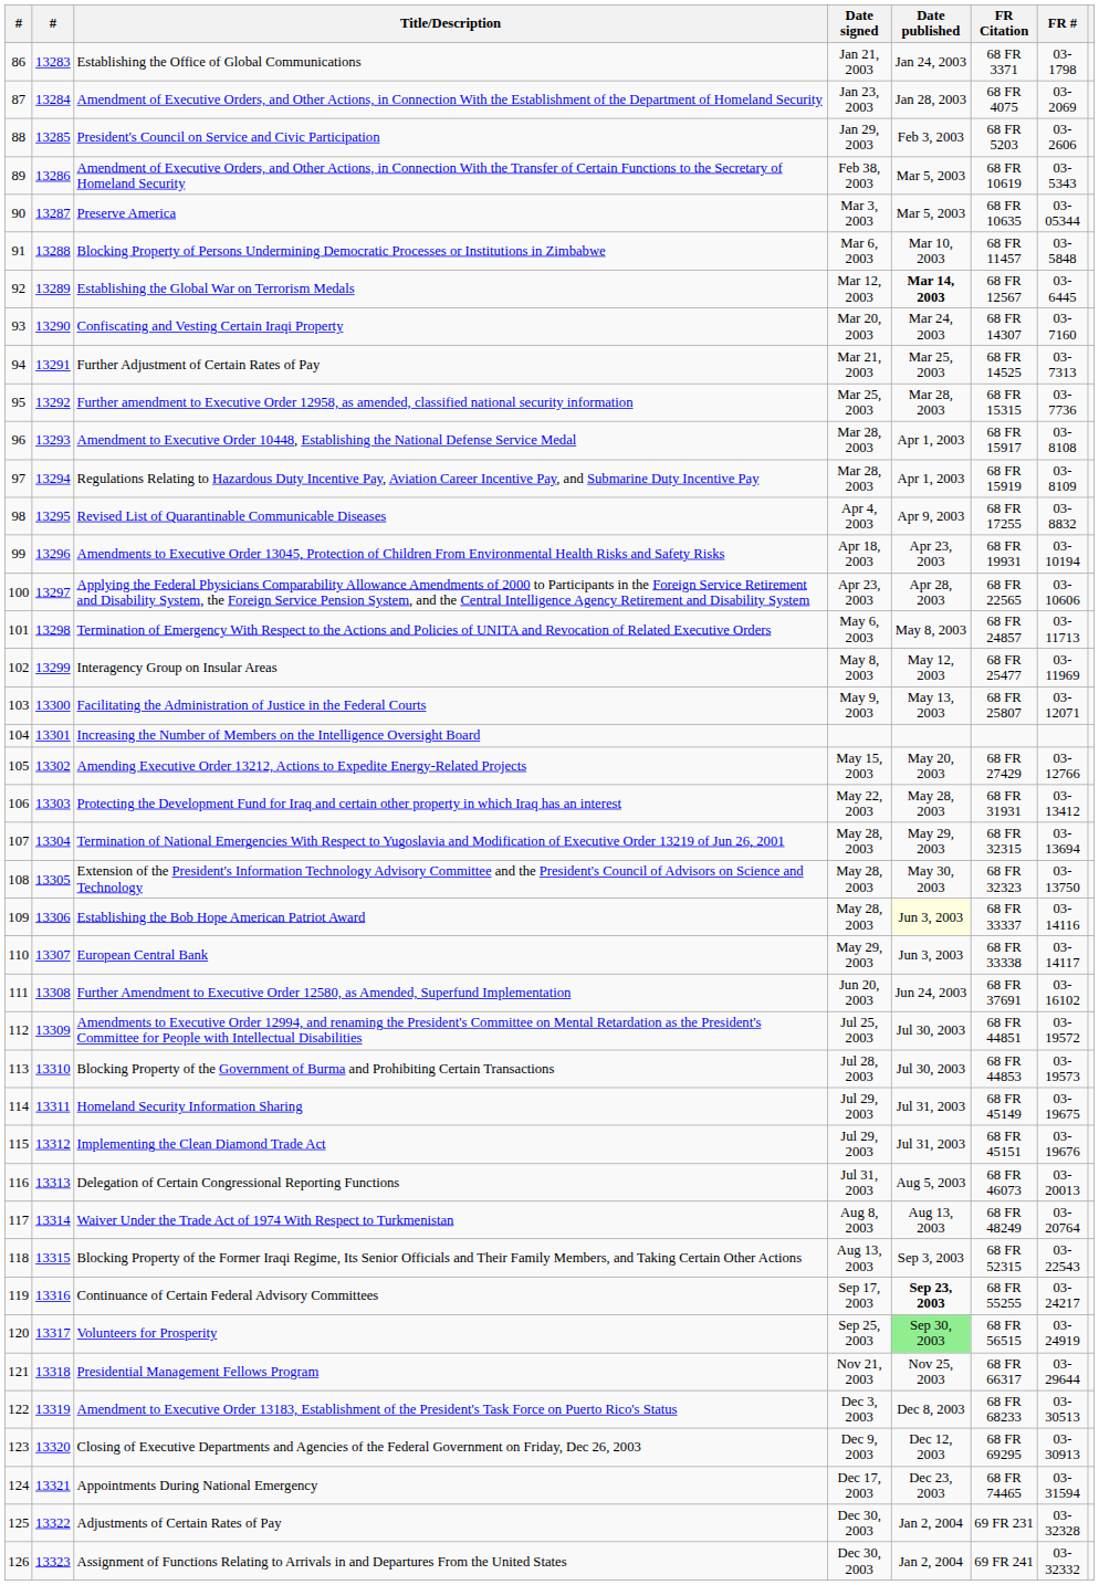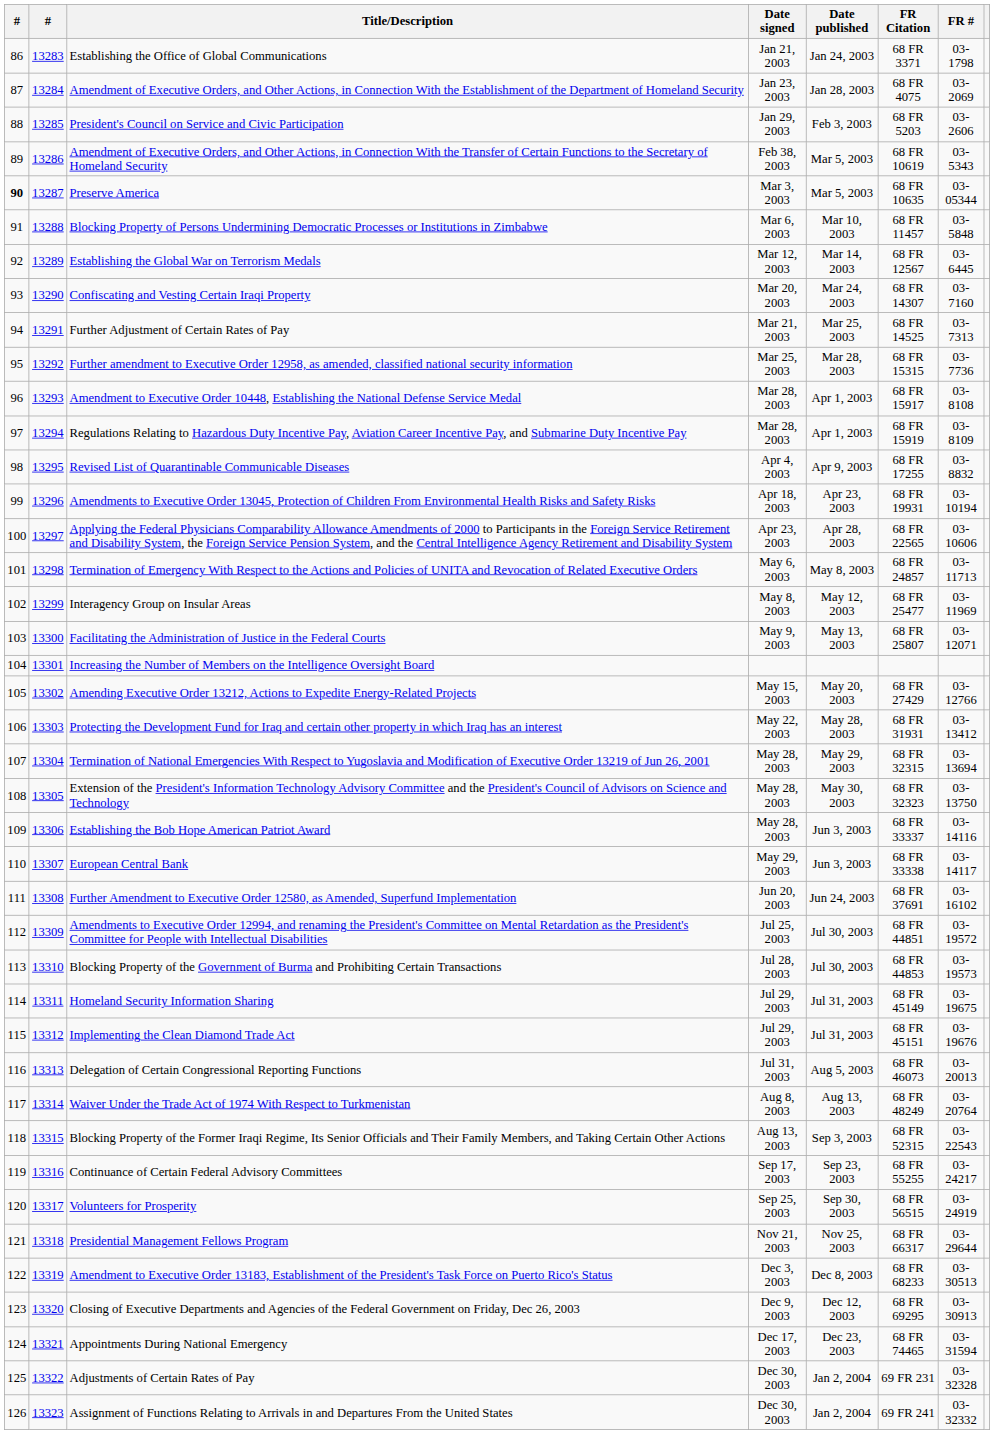 <table class="wikitable sortable" style="text-align:center;">
 <tr>
 <th> #</th>
 <th> #</th>
 <th>Title/Description</th>
 <th>Date signed</th>
 <th>Date published</th>
 <th>FR Citation</th>
 <th>FR  #</th>
 <th class="unsortable"></th>
 </tr>
 <tr>
 <td>86</td>
 <td><a href='#'>13283</a></td>
 <td style="text-align:left;">Establishing the Office of Global Communications</td>
 <td>Jan 21, 2003</td>
 <td>Jan 24, 2003</td>
 <td>68 FR 3371</td>
 <td>03-1798</td>
 <td></td>
 </tr>
 <tr>
 <td>87</td>
 <td><a href='#'>13284</a></td>
 <td style="text-align:left;"><a href='#'>Amendment of Executive Orders, and Other Actions, in Connection With the Establishment of the Department of Homeland Security</a></td>
 <td>Jan 23, 2003</td>
 <td>Jan 28, 2003</td>
 <td>68 FR 4075</td>
 <td>03-2069</td>
 <td></td>
 </tr>
 <tr>
 <td>88</td>
 <td><a href='#'>13285</a></td>
 <td style="text-align:left;"><a href='#'>President's Council on Service and Civic Participation</a></td>
 <td>Jan 29, 2003</td>
 <td>Feb 3, 2003</td>
 <td>68 FR 5203</td>
 <td>03-2606</td>
 <td></td>
 </tr>
 <tr>
 <td>89</td>
 <td><a href='#'>13286</a></td>
 <td style="text-align:left;"><a href='#'>Amendment of Executive Orders, and Other Actions, in Connection With the Transfer of Certain Functions to the Secretary of Homeland Security</a></td>
 <td>Feb 38, 2003</td>
 <td>Mar 5, 2003</td>
 <td>68 FR 10619</td>
 <td>03-5343</td>
 <td></td>
 </tr>
 <tr>
-<td>90</td>
+<td><strong>90</strong></td>
 <td><a href='#'>13287</a></td>
 <td style="text-align:left;"><a href='#'>Preserve America</a></td>
 <td>Mar 3, 2003</td>
 <td>Mar 5, 2003</td>
 <td>68 FR 10635</td>
 <td>03-05344</td>
 <td></td>
 </tr>
 <tr>
 <td>91</td>
 <td><a href='#'>13288</a></td>
 <td style="text-align:left;"><a href='#'>Blocking Property of Persons Undermining Democratic Processes or Institutions in Zimbabwe</a></td>
 <td>Mar 6, 2003</td>
 <td>Mar 10, 2003</td>
 <td>68 FR 11457</td>
 <td>03-5848</td>
 <td></td>
 </tr>
 <tr>
 <td>92</td>
 <td><a href='#'>13289</a></td>
 <td style="text-align:left;"><a href='#'>Establishing the Global War on Terrorism Medals</a></td>
 <td>Mar 12, 2003</td>
-<td><strong>Mar 14, 2003</strong></td>
+<td>Mar 14, 2003</td>
 <td>68 FR 12567</td>
 <td>03-6445</td>
 <td></td>
 </tr>
 <tr>
 <td>93</td>
 <td><a href='#'>13290</a></td>
 <td style="text-align:left;"><a href='#'>Confiscating and Vesting Certain Iraqi Property</a></td>
 <td>Mar 20, 2003</td>
 <td>Mar 24, 2003</td>
 <td>68 FR 14307</td>
 <td>03-7160</td>
 <td></td>
 </tr>
 <tr>
 <td>94</td>
 <td><a href='#'>13291</a></td>
 <td style="text-align:left;">Further Adjustment of Certain Rates of Pay</td>
 <td>Mar 21, 2003</td>
 <td>Mar 25, 2003</td>
 <td>68 FR 14525</td>
 <td>03-7313</td>
 <td></td>
 </tr>
 <tr>
 <td>95</td>
 <td><a href='#'>13292</a></td>
 <td style="text-align:left;"><a href='#'>Further amendment to Executive Order 12958, as amended, classified national security information</a></td>
 <td>Mar 25, 2003</td>
 <td>Mar 28, 2003</td>
 <td>68 FR 15315</td>
 <td>03-7736</td>
 <td></td>
 </tr>
 <tr>
 <td>96</td>
 <td><a href='#'>13293</a></td>
 <td style="text-align:left;"><a href='#'>Amendment to Executive Order 10448</a>, <a href='#'>Establishing the National Defense Service Medal</a></td>
 <td>Mar 28, 2003</td>
 <td>Apr 1, 2003</td>
 <td>68 FR 15917</td>
 <td>03-8108</td>
 <td></td>
 </tr>
 <tr>
 <td>97</td>
 <td><a href='#'>13294</a></td>
 <td style="text-align:left;">Regulations Relating to <a href='#'>Hazardous Duty Incentive Pay</a>, <a href='#'>Aviation Career Incentive Pay</a>, and <a href='#'>Submarine Duty Incentive Pay</a></td>
 <td>Mar 28, 2003</td>
 <td>Apr 1, 2003</td>
 <td>68 FR 15919</td>
 <td>03-8109</td>
 <td></td>
 </tr>
 <tr>
 <td>98</td>
 <td><a href='#'>13295</a></td>
 <td style="text-align:left;"><a href='#'>Revised List of Quarantinable Communicable Diseases</a></td>
 <td>Apr 4, 2003</td>
 <td>Apr 9, 2003</td>
 <td>68 FR 17255</td>
 <td>03-8832</td>
 <td></td>
 </tr>
 <tr>
 <td>99</td>
 <td><a href='#'>13296</a></td>
 <td style="text-align:left;"><a href='#'>Amendments to Executive Order 13045, Protection of Children From Environmental Health Risks and Safety Risks</a></td>
 <td>Apr 18, 2003</td>
 <td>Apr 23, 2003</td>
 <td>68 FR 19931</td>
 <td>03-10194</td>
 <td></td>
 </tr>
 <tr>
 <td>100</td>
 <td><a href='#'>13297</a></td>
 <td style="text-align:left;"><a href='#'>Applying the Federal Physicians Comparability Allowance Amendments of 2000</a> to Participants in the <a href='#'>Foreign Service Retirement and Disability System</a>, the <a href='#'>Foreign Service Pension System</a>, and the <a href='#'>Central Intelligence Agency Retirement and Disability System</a></td>
 <td>Apr 23, 2003</td>
 <td>Apr 28, 2003</td>
 <td>68 FR 22565</td>
 <td>03-10606</td>
 <td></td>
 </tr>
 <tr>
 <td>101</td>
 <td><a href='#'>13298</a></td>
 <td style="text-align:left;"><a href='#'>Termination of Emergency With Respect to the Actions and Policies of UNITA and Revocation of Related Executive Orders</a></td>
 <td>May 6, 2003</td>
 <td>May 8, 2003</td>
 <td>68 FR 24857</td>
 <td>03-11713</td>
 <td></td>
 </tr>
 <tr>
 <td>102</td>
 <td><a href='#'>13299</a></td>
 <td style="text-align:left;">Interagency Group on Insular Areas</td>
 <td>May 8, 2003</td>
 <td>May 12, 2003</td>
 <td>68 FR 25477</td>
 <td>03-11969</td>
 <td></td>
 </tr>
 <tr>
 <td>103</td>
 <td><a href='#'>13300</a></td>
 <td style="text-align:left;"><a href='#'>Facilitating the Administration of Justice in the Federal Courts</a></td>
 <td>May 9, 2003</td>
 <td>May 13, 2003</td>
 <td>68 FR 25807</td>
 <td>03-12071</td>
 <td></td>
 </tr>
 <tr>
 <td>104</td>
 <td><a href='#'>13301</a></td>
 <td style="text-align:left;"><a href='#'>Increasing the Number of Members on the Intelligence Oversight Board</a></td>
 <td></td>
 <td></td>
 <td></td>
 <td></td>
 <td></td>
 </tr>
 <tr>
 <td>105</td>
 <td><a href='#'>13302</a></td>
 <td style="text-align:left;"><a href='#'>Amending Executive Order 13212, Actions to Expedite Energy-Related Projects</a></td>
 <td>May 15, 2003</td>
 <td>May 20, 2003</td>
 <td>68 FR 27429</td>
 <td>03-12766</td>
 <td></td>
 </tr>
 <tr>
 <td>106</td>
 <td><a href='#'>13303</a></td>
 <td style="text-align:left;"><a href='#'>Protecting the Development Fund for Iraq and certain other property in which Iraq has an interest</a></td>
 <td>May 22, 2003</td>
 <td>May 28, 2003</td>
 <td>68 FR 31931</td>
 <td>03-13412</td>
 <td></td>
 </tr>
 <tr>
 <td>107</td>
 <td><a href='#'>13304</a></td>
 <td style="text-align:left;"><a href='#'>Termination of National Emergencies With Respect to Yugoslavia and Modification of Executive Order 13219 of Jun 26, 2001</a></td>
 <td>May 28, 2003</td>
 <td>May 29, 2003</td>
 <td>68 FR 32315</td>
 <td>03-13694</td>
 <td></td>
 </tr>
 <tr>
 <td>108</td>
 <td><a href='#'>13305</a></td>
 <td style="text-align:left;">Extension of the <a href='#'>President's Information Technology Advisory Committee</a> and the <a href='#'>President's Council of Advisors on Science and Technology</a></td>
 <td>May 28, 2003</td>
 <td>May 30, 2003</td>
 <td>68 FR 32323</td>
 <td>03-13750</td>
 <td></td>
 </tr>
 <tr>
 <td>109</td>
 <td><a href='#'>13306</a></td>
 <td style="text-align:left;"><a href='#'>Establishing the Bob Hope American Patriot Award</a></td>
 <td>May 28, 2003</td>
-<td style="background: lightyellow;">Jun 3, 2003</td>
+<td>Jun 3, 2003</td>
 <td>68 FR 33337</td>
 <td>03-14116</td>
 <td></td>
 </tr>
 <tr>
 <td>110</td>
 <td><a href='#'>13307</a></td>
 <td style="text-align:left;"><a href='#'>European Central Bank</a></td>
 <td>May 29, 2003</td>
 <td>Jun 3, 2003</td>
 <td>68 FR 33338</td>
 <td>03-14117</td>
 <td></td>
 </tr>
 <tr>
 <td>111</td>
 <td><a href='#'>13308</a></td>
 <td style="text-align:left;"><a href='#'>Further Amendment to Executive Order 12580, as Amended, Superfund Implementation</a></td>
 <td>Jun 20, 2003</td>
 <td>Jun 24, 2003</td>
 <td>68 FR 37691</td>
 <td>03-16102</td>
 <td></td>
 </tr>
 <tr>
 <td>112</td>
 <td><a href='#'>13309</a></td>
 <td style="text-align:left;"><a href='#'>Amendments to Executive Order 12994, and renaming the President's Committee on Mental Retardation as the President's Committee for People with Intellectual Disabilities</a></td>
 <td>Jul 25, 2003</td>
 <td>Jul 30, 2003</td>
 <td>68 FR 44851</td>
 <td>03-19572</td>
 <td></td>
 </tr>
 <tr>
 <td>113</td>
 <td><a href='#'>13310</a></td>
 <td style="text-align:left;">Blocking Property of the <a href='#'>Government of Burma</a> and Prohibiting Certain Transactions</td>
 <td>Jul 28, 2003</td>
 <td>Jul 30, 2003</td>
 <td>68 FR 44853</td>
 <td>03-19573</td>
 <td></td>
 </tr>
 <tr>
 <td>114</td>
 <td><a href='#'>13311</a></td>
 <td style="text-align:left;"><a href='#'>Homeland Security Information Sharing</a></td>
 <td>Jul 29, 2003</td>
 <td>Jul 31, 2003</td>
 <td>68 FR 45149</td>
 <td>03-19675</td>
 <td></td>
 </tr>
 <tr>
 <td>115</td>
 <td><a href='#'>13312</a></td>
 <td style="text-align:left;"><a href='#'>Implementing the Clean Diamond Trade Act</a></td>
 <td>Jul 29, 2003</td>
 <td>Jul 31, 2003</td>
 <td>68 FR 45151</td>
 <td>03-19676</td>
 <td></td>
 </tr>
 <tr>
 <td>116</td>
 <td><a href='#'>13313</a></td>
 <td style="text-align:left;">Delegation of Certain Congressional Reporting Functions</td>
 <td>Jul 31, 2003</td>
 <td>Aug 5, 2003</td>
 <td>68 FR 46073</td>
 <td>03-20013</td>
 <td></td>
 </tr>
 <tr>
 <td>117</td>
 <td><a href='#'>13314</a></td>
 <td style="text-align:left;"><a href='#'>Waiver Under the Trade Act of 1974 With Respect to Turkmenistan</a></td>
 <td>Aug 8, 2003</td>
 <td>Aug 13, 2003</td>
 <td>68 FR 48249</td>
 <td>03-20764</td>
 <td></td>
 </tr>
 <tr>
 <td>118</td>
 <td><a href='#'>13315</a></td>
 <td style="text-align:left;">Blocking Property of the Former Iraqi Regime, Its Senior Officials and Their Family Members, and Taking Certain Other Actions</td>
 <td>Aug 13, 2003</td>
 <td>Sep 3, 2003</td>
 <td>68 FR 52315</td>
 <td>03-22543</td>
 <td></td>
 </tr>
 <tr>
 <td>119</td>
 <td><a href='#'>13316</a></td>
 <td style="text-align:left;">Continuance of Certain Federal Advisory Committees</td>
 <td>Sep 17, 2003</td>
-<td><strong>Sep 23, 2003</strong></td>
+<td>Sep 23, 2003</td>
 <td>68 FR 55255</td>
 <td>03-24217</td>
 <td></td>
 </tr>
 <tr>
 <td>120</td>
 <td><a href='#'>13317</a></td>
 <td style="text-align:left;"><a href='#'>Volunteers for Prosperity</a></td>
 <td>Sep 25, 2003</td>
-<td style="background: lightgreen;">Sep 30, 2003</td>
+<td>Sep 30, 2003</td>
 <td>68 FR 56515</td>
 <td>03-24919</td>
 <td></td>
 </tr>
 <tr>
 <td>121</td>
 <td><a href='#'>13318</a></td>
 <td style="text-align:left;"><a href='#'>Presidential Management Fellows Program</a></td>
 <td>Nov 21, 2003</td>
 <td>Nov 25, 2003</td>
 <td>68 FR 66317</td>
 <td>03-29644</td>
 <td></td>
 </tr>
 <tr>
 <td>122</td>
 <td><a href='#'>13319</a></td>
 <td style="text-align:left;"><a href='#'>Amendment to Executive Order 13183, Establishment of the President's Task Force on Puerto Rico's Status</a></td>
 <td>Dec 3, 2003</td>
 <td>Dec 8, 2003</td>
 <td>68 FR 68233</td>
 <td>03-30513</td>
 <td></td>
 </tr>
 <tr>
 <td>123</td>
 <td><a href='#'>13320</a></td>
 <td style="text-align:left;">Closing of Executive Departments and Agencies of the Federal Government on Friday, Dec 26, 2003</td>
 <td>Dec 9, 2003</td>
 <td>Dec 12, 2003</td>
 <td>68 FR 69295</td>
 <td>03-30913</td>
 <td></td>
 </tr>
 <tr>
 <td>124</td>
 <td><a href='#'>13321</a></td>
 <td style="text-align:left;">Appointments During National Emergency</td>
 <td>Dec 17, 2003</td>
 <td>Dec 23, 2003</td>
 <td>68 FR 74465</td>
 <td>03-31594</td>
 <td></td>
 </tr>
 <tr>
 <td>125</td>
 <td><a href='#'>13322</a></td>
 <td style="text-align:left;">Adjustments of Certain Rates of Pay</td>
 <td>Dec 30, 2003</td>
 <td>Jan 2, 2004</td>
 <td>69 FR 231</td>
 <td>03-32328</td>
 <td></td>
 </tr>
 <tr>
 <td>126</td>
 <td><a href='#'>13323</a></td>
 <td style="text-align:left;">Assignment of Functions Relating to Arrivals in and Departures From the United States</td>
 <td>Dec 30, 2003</td>
 <td>Jan 2, 2004</td>
 <td>69 FR 241</td>
 <td>03-32332</td>
 <td></td>
 </tr>
 </table>
